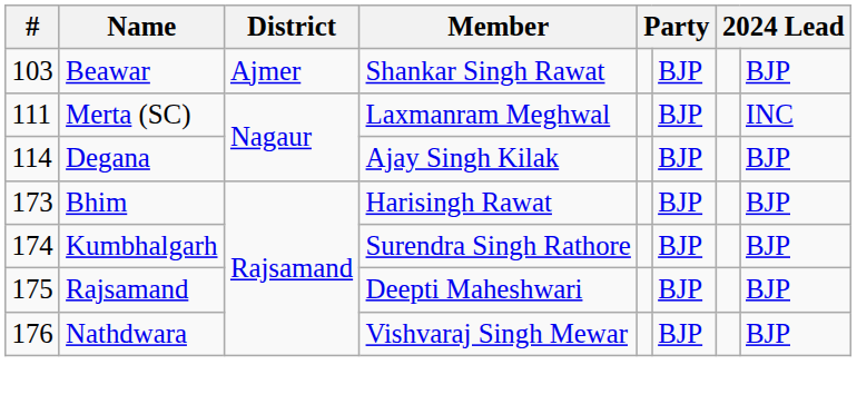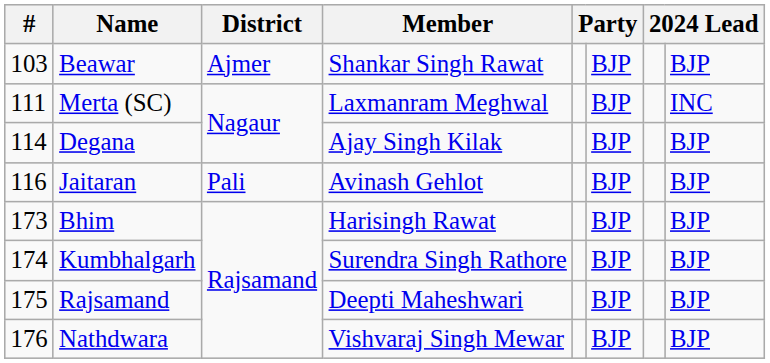 <table class="wikitable">
 <tr>
 <th>#</th>
 <th>Name</th>
 <th>District</th>
 <th>Member</th>
 <th colspan="2">Party</th>
 <th colspan="2">2024 Lead</th>
 </tr>
 <tr>
 <td>103</td>
 <td><a href='#'>Beawar</a></td>
 <td><a href='#'>Ajmer</a></td>
 <td><a href='#'>Shankar Singh Rawat</a></td>
 <td style="background-color: "></td>
 <td><a href='#'>BJP</a></td>
 <td style="background-color: "></td>
 <td><a href='#'>BJP</a></td>
 </tr>
 <tr>
 <td>111</td>
 <td><a href='#'>Merta</a> (SC)</td>
 <td rowspan="2"><a href='#'>Nagaur</a></td>
 <td><a href='#'>Laxmanram Meghwal</a></td>
 <td style="background-color: "></td>
 <td><a href='#'>BJP</a></td>
 <td style="background-color: "></td>
 <td><a href='#'>INC</a></td>
 </tr>
 <tr>
 <td>114</td>
 <td><a href='#'>Degana</a></td>
 <td><a href='#'>Ajay Singh Kilak</a></td>
+<td style="background-color: "></td>
+<td><a href='#'>BJP</a></td>
+<td style="background-color: "></td>
+<td><a href='#'>BJP</a></td>
+</tr>
+<tr>
+<td>116</td>
+<td><a href='#'>Jaitaran</a></td>
+<td><a href='#'>Pali</a></td>
+<td><a href='#'>Avinash Gehlot</a></td>
 <td style="background-color: "></td>
 <td><a href='#'>BJP</a></td>
 <td style="background-color: "></td>
 <td><a href='#'>BJP</a></td>
 </tr>
 <tr>
 <td>173</td>
 <td><a href='#'>Bhim</a></td>
 <td rowspan="4"><a href='#'>Rajsamand</a></td>
 <td><a href='#'>Harisingh Rawat</a></td>
 <td style="background-color: "></td>
 <td><a href='#'>BJP</a></td>
 <td style="background-color: "></td>
 <td><a href='#'>BJP</a></td>
 </tr>
 <tr>
 <td>174</td>
 <td><a href='#'>Kumbhalgarh</a></td>
 <td><a href='#'>Surendra Singh Rathore</a></td>
 <td style="background-color: "></td>
 <td><a href='#'>BJP</a></td>
 <td style="background-color: "></td>
 <td><a href='#'>BJP</a></td>
 </tr>
 <tr>
 <td>175</td>
 <td><a href='#'>Rajsamand</a></td>
 <td><a href='#'>Deepti Maheshwari</a></td>
 <td style="background-color: "></td>
 <td><a href='#'>BJP</a></td>
 <td style="background-color: "></td>
 <td><a href='#'>BJP</a></td>
 </tr>
 <tr>
 <td>176</td>
 <td><a href='#'>Nathdwara</a></td>
 <td><a href='#'>Vishvaraj Singh Mewar</a></td>
 <td style="background-color: "></td>
 <td><a href='#'>BJP</a></td>
 <td style="background-color: "></td>
 <td><a href='#'>BJP</a></td>
 </tr>
 </table>
